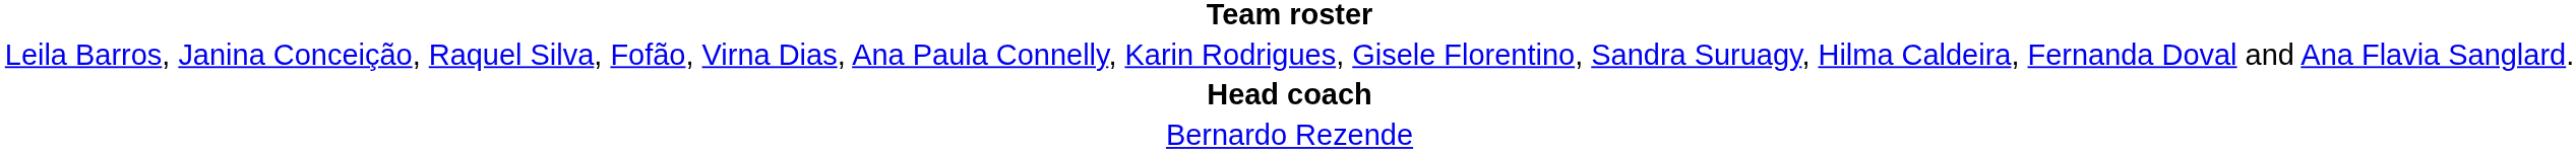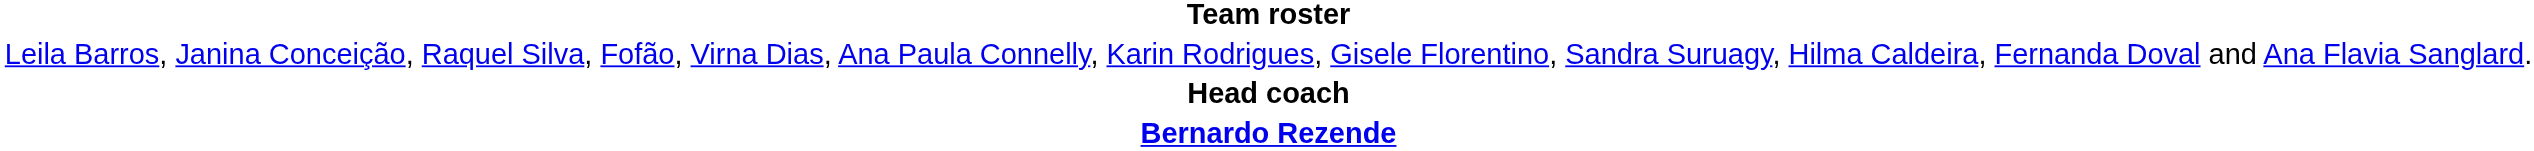 <table style="text-align:center;margin-top:2em;margin-left:auto;margin-right:auto">
 <tr>
 <td><strong>Team roster</strong></td>
 </tr>
 <tr>
 <td><a href='#'>Leila Barros</a>, <a href='#'>Janina Conceição</a>, <a href='#'>Raquel Silva</a>, <a href='#'>Fofão</a>, <a href='#'>Virna Dias</a>, <a href='#'>Ana Paula Connelly</a>, <a href='#'>Karin Rodrigues</a>, <a href='#'>Gisele Florentino</a>, <a href='#'>Sandra Suruagy</a>, <a href='#'>Hilma Caldeira</a>, <a href='#'>Fernanda Doval</a> and <a href='#'>Ana Flavia Sanglard</a>.</td>
 </tr>
 <tr>
 <td><strong>Head coach</strong></td>
 </tr>
 <tr>
-<td><a href='#'>Bernardo Rezende</a></td>
+<td><strong><a href='#'>Bernardo Rezende</a></strong></td>
 </tr>
 </table>
